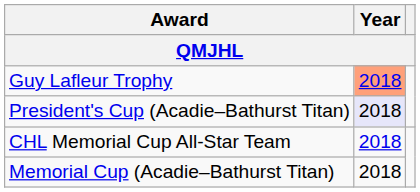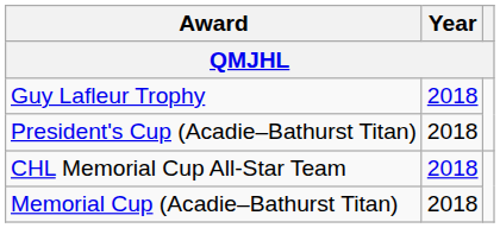 <table class="wikitable">
 <tr>
 <th>Award</th>
 <th>Year</th>
 <th></th>
 </tr>
 <tr ALIGN="center" bgcolor="#e0e0e0">
 <th colspan="3"><a href='#'>QMJHL</a></th>
 </tr>
 <tr>
 <td><a href='#'>Guy Lafleur Trophy</a></td>
-<td style="background: lightsalmon;"><a href='#'>2018</a></td>
+<td><a href='#'>2018</a></td>
 <td rowspan="2"></td>
 </tr>
 <tr>
 <td><a href='#'>President's Cup</a> (Acadie–Bathurst Titan)</td>
-<td style="background: lavender;">2018</td>
+<td>2018</td>
 </tr>
 <tr>
 <td><a href='#'>CHL</a> Memorial Cup All-Star Team</td>
 <td><a href='#'>2018</a></td>
 <td rowspan="2"></td>
 </tr>
 <tr>
 <td><a href='#'>Memorial Cup</a> (Acadie–Bathurst Titan)</td>
 <td>2018</td>
 </tr>
 </table>
